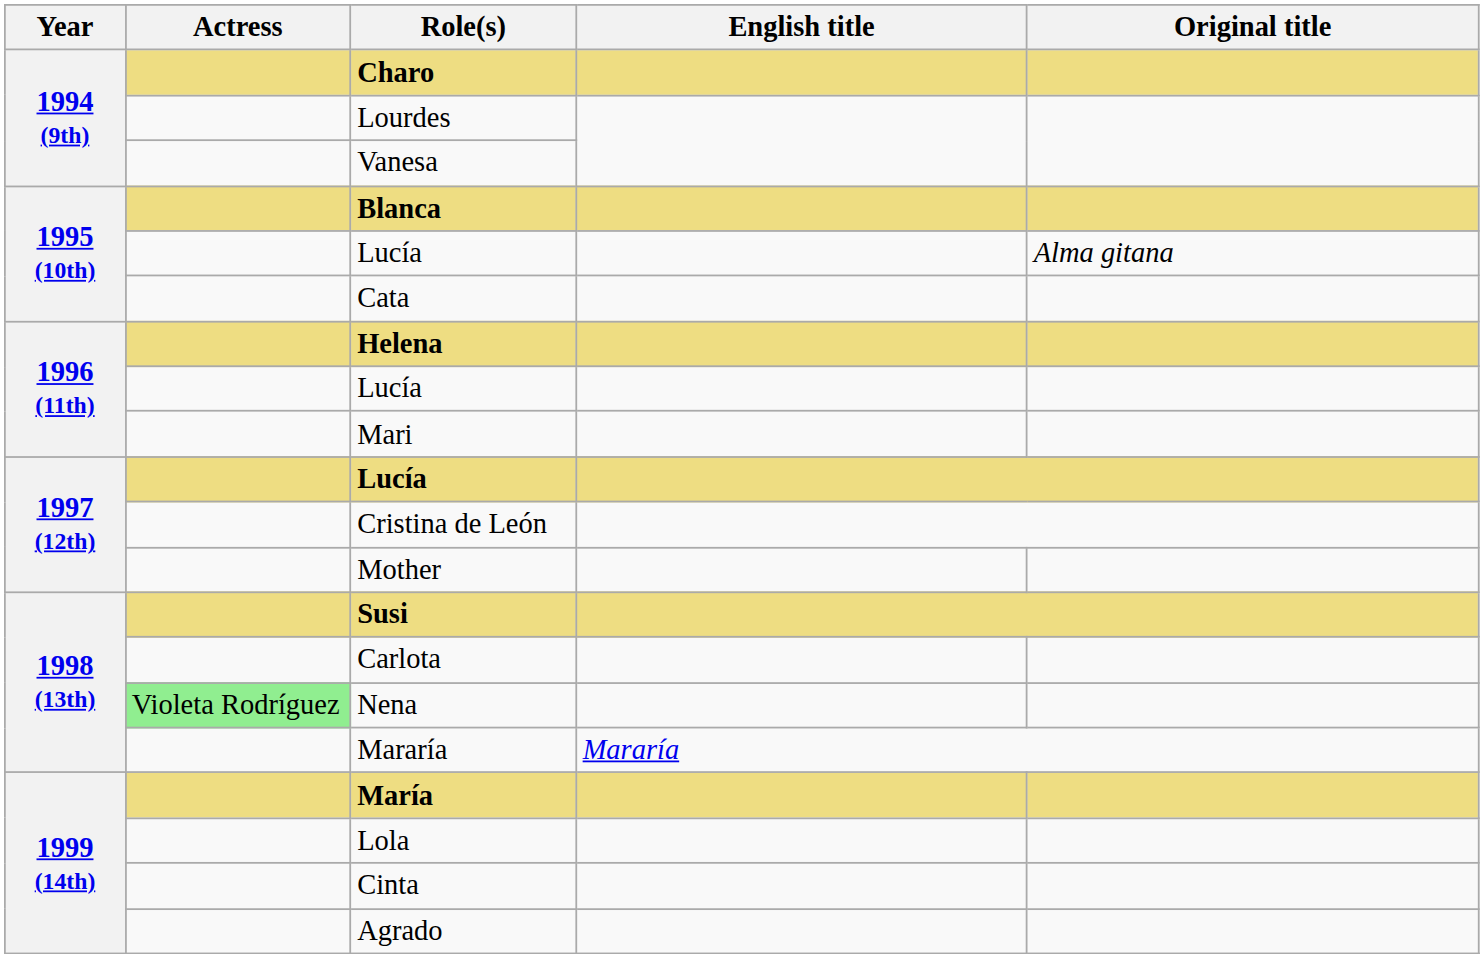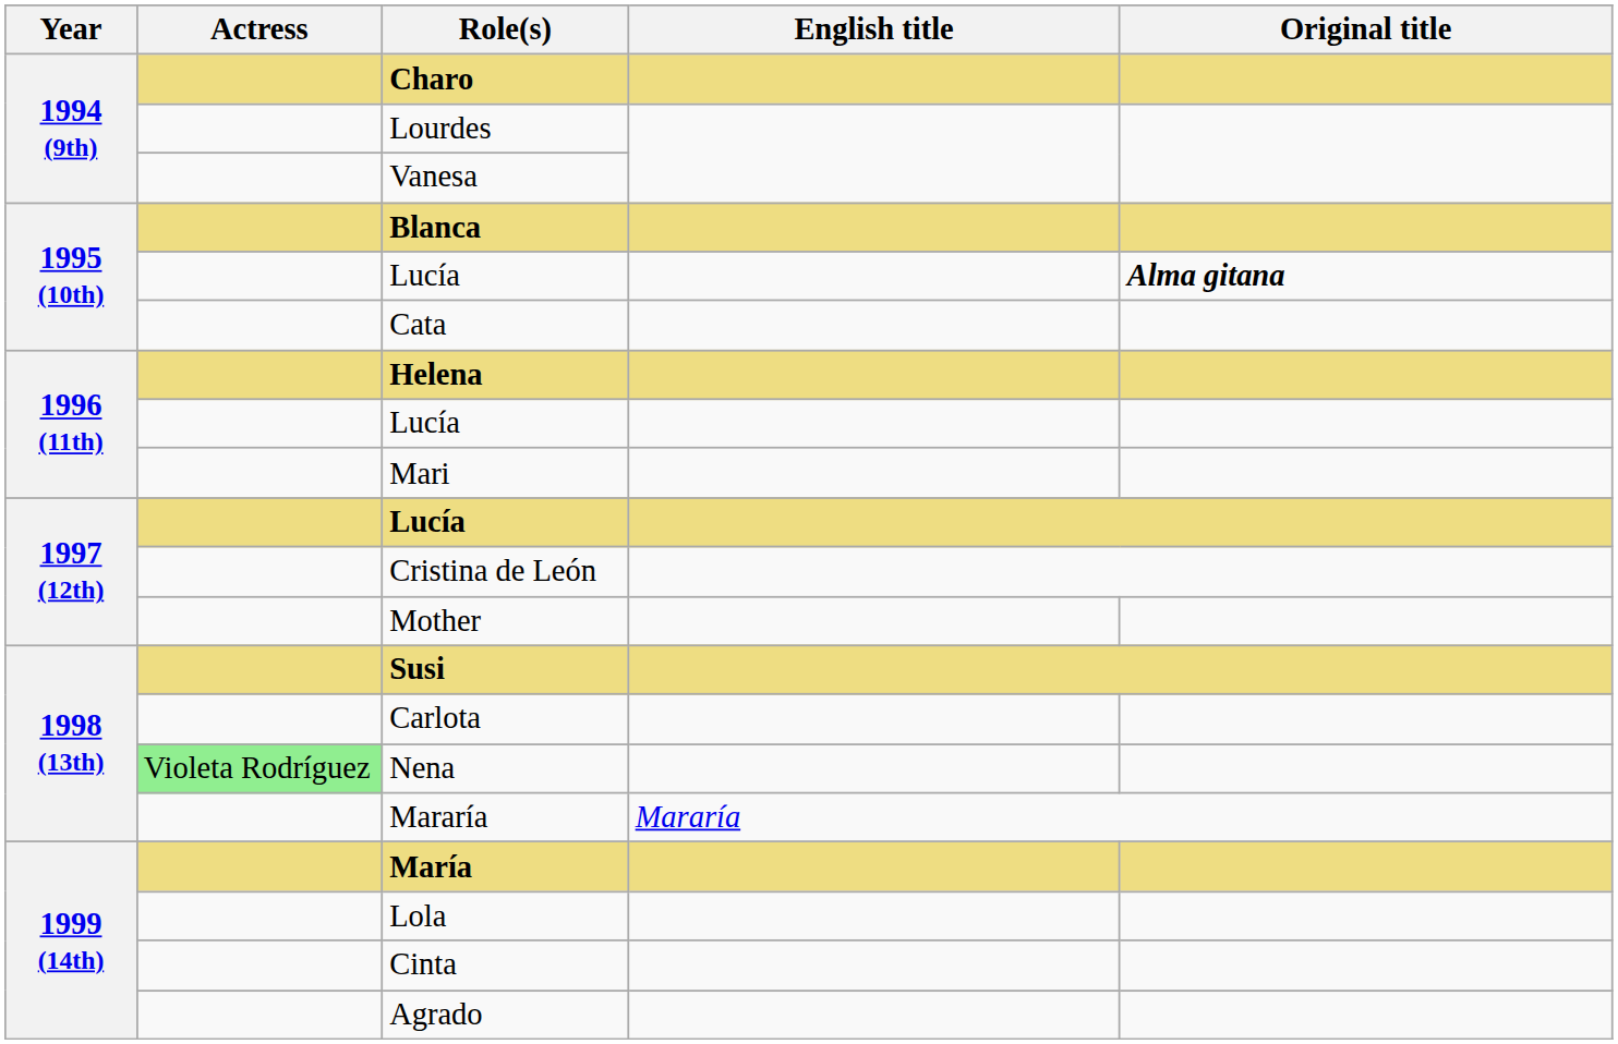 <table class="wikitable sortable" style="text-align:left;">
 <tr>
 <th scope="col" style="width:8%;">Year</th>
 <th scope="col" style="width:15%;">Actress</th>
 <th scope="col" style="width:15%;">Role(s)</th>
 <th scope="col" style="width:30%;">English title</th>
 <th scope="col" style="width:30%;">Original title</th>
 </tr>
 <tr>
 <th scope="row" rowspan=3 style="text-align:center"><a href='#'>1994</a> <br><small><a href='#'>(9th)</a></small></th>
 <td style="background:#eedd82;"><strong> </strong></td>
 <td style="background:#eedd82;"><strong>Charo</strong></td>
 <td style="background:#eedd82;"><strong><em></em></strong></td>
 <td style="background:#eedd82;"><strong><em></em></strong></td>
 </tr>
 <tr>
 <td></td>
 <td>Lourdes</td>
 <td rowspan="2"><em></em></td>
 <td rowspan="2"><em></em></td>
 </tr>
 <tr>
 <td></td>
 <td>Vanesa</td>
 </tr>
 <tr>
 <th scope="row" rowspan=3 style="text-align:center"><a href='#'>1995</a> <br><small><a href='#'>(10th)</a></small></th>
 <td style="background:#eedd82;"><strong> </strong></td>
 <td style="background:#eedd82;"><strong>Blanca</strong></td>
 <td style="background:#eedd82;"><strong><em></em></strong></td>
 <td style="background:#eedd82;"><strong><em></em></strong></td>
 </tr>
 <tr>
 <td></td>
 <td>Lucía</td>
 <td><em></em></td>
-<td><em>Alma gitana</em></td>
+<td><strong><em>Alma gitana</em></strong></td>
 </tr>
 <tr>
 <td></td>
 <td>Cata</td>
 <td><em></em></td>
 <td><em></em></td>
 </tr>
 <tr>
 <th scope="row" rowspan=3 style="text-align:center"><a href='#'>1996</a> <br><small><a href='#'>(11th)</a></small></th>
 <td style="background:#eedd82;"><strong> </strong></td>
 <td style="background:#eedd82;"><strong>Helena</strong></td>
 <td style="background:#eedd82;"><strong><em></em></strong></td>
 <td style="background:#eedd82;"><strong><em></em></strong></td>
 </tr>
 <tr>
 <td></td>
 <td>Lucía</td>
 <td><em></em></td>
 <td><em></em></td>
 </tr>
 <tr>
 <td></td>
 <td>Mari</td>
 <td><em></em></td>
 <td><em></em></td>
 </tr>
 <tr>
 <th scope="row" rowspan=3 style="text-align:center"><a href='#'>1997</a> <br><small><a href='#'>(12th)</a></small></th>
 <td style="background:#eedd82;"><strong> </strong></td>
 <td style="background:#eedd82;"><strong>Lucía</strong></td>
 <td colspan="2" style="background:#eedd82;"><strong><em></em></strong></td>
 </tr>
 <tr>
 <td></td>
 <td>Cristina de León</td>
 <td colspan="2"><em></em></td>
 </tr>
 <tr>
 <td></td>
 <td>Mother</td>
 <td><em></em></td>
 <td><em></em></td>
 </tr>
 <tr>
 <th scope="row" rowspan=4 style="text-align:center"><a href='#'>1998</a> <br><small><a href='#'>(13th)</a></small></th>
 <td style="background:#eedd82;"><strong> </strong></td>
 <td style="background:#eedd82;"><strong>Susi</strong></td>
 <td colspan="2" style="background:#eedd82;"><strong><em></em></strong></td>
 </tr>
 <tr>
 <td></td>
 <td>Carlota</td>
 <td><em></em></td>
 <td><em></em></td>
 </tr>
 <tr>
 <td style="background: lightgreen;">Violeta Rodríguez</td>
 <td>Nena</td>
 <td><em></em></td>
 <td><em></em></td>
 </tr>
 <tr>
 <td></td>
 <td>Mararía</td>
 <td colspan="2"><em><a href='#'>Mararía</a></em></td>
 </tr>
 <tr>
 <th scope="row" rowspan=4 style="text-align:center"><a href='#'>1999</a> <br><small><a href='#'>(14th)</a></small></th>
 <td style="background:#eedd82;"><strong> </strong></td>
 <td style="background:#eedd82;"><strong>María</strong></td>
 <td style="background:#eedd82;"><strong><em></em></strong></td>
 <td style="background:#eedd82;"><strong><em></em></strong></td>
 </tr>
 <tr>
 <td></td>
 <td>Lola</td>
 <td><em></em></td>
 <td><em></em></td>
 </tr>
 <tr>
 <td></td>
 <td>Cinta</td>
 <td><em></em></td>
 <td><em></em></td>
 </tr>
 <tr>
 <td></td>
 <td>Agrado</td>
 <td><em></em></td>
 <td><em></em></td>
 </tr>
 <tr>
 </tr>
 </table>
